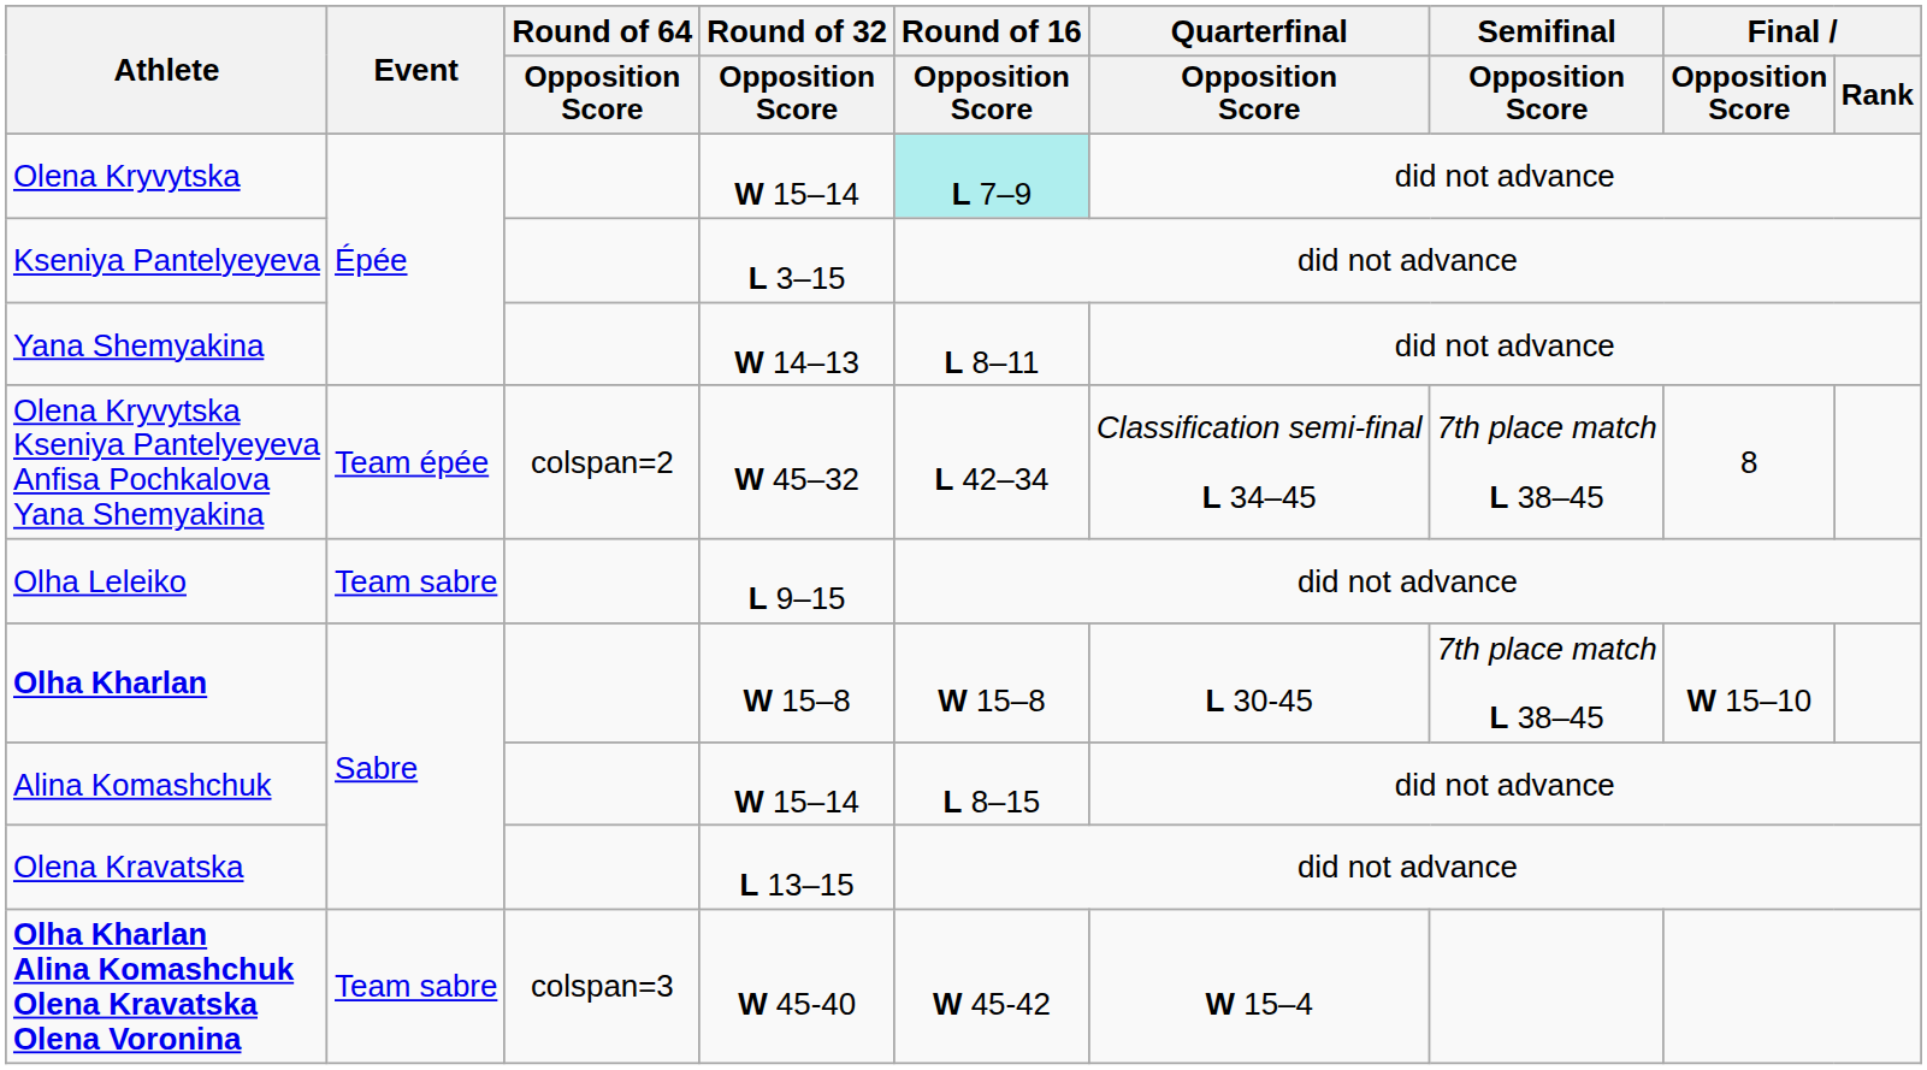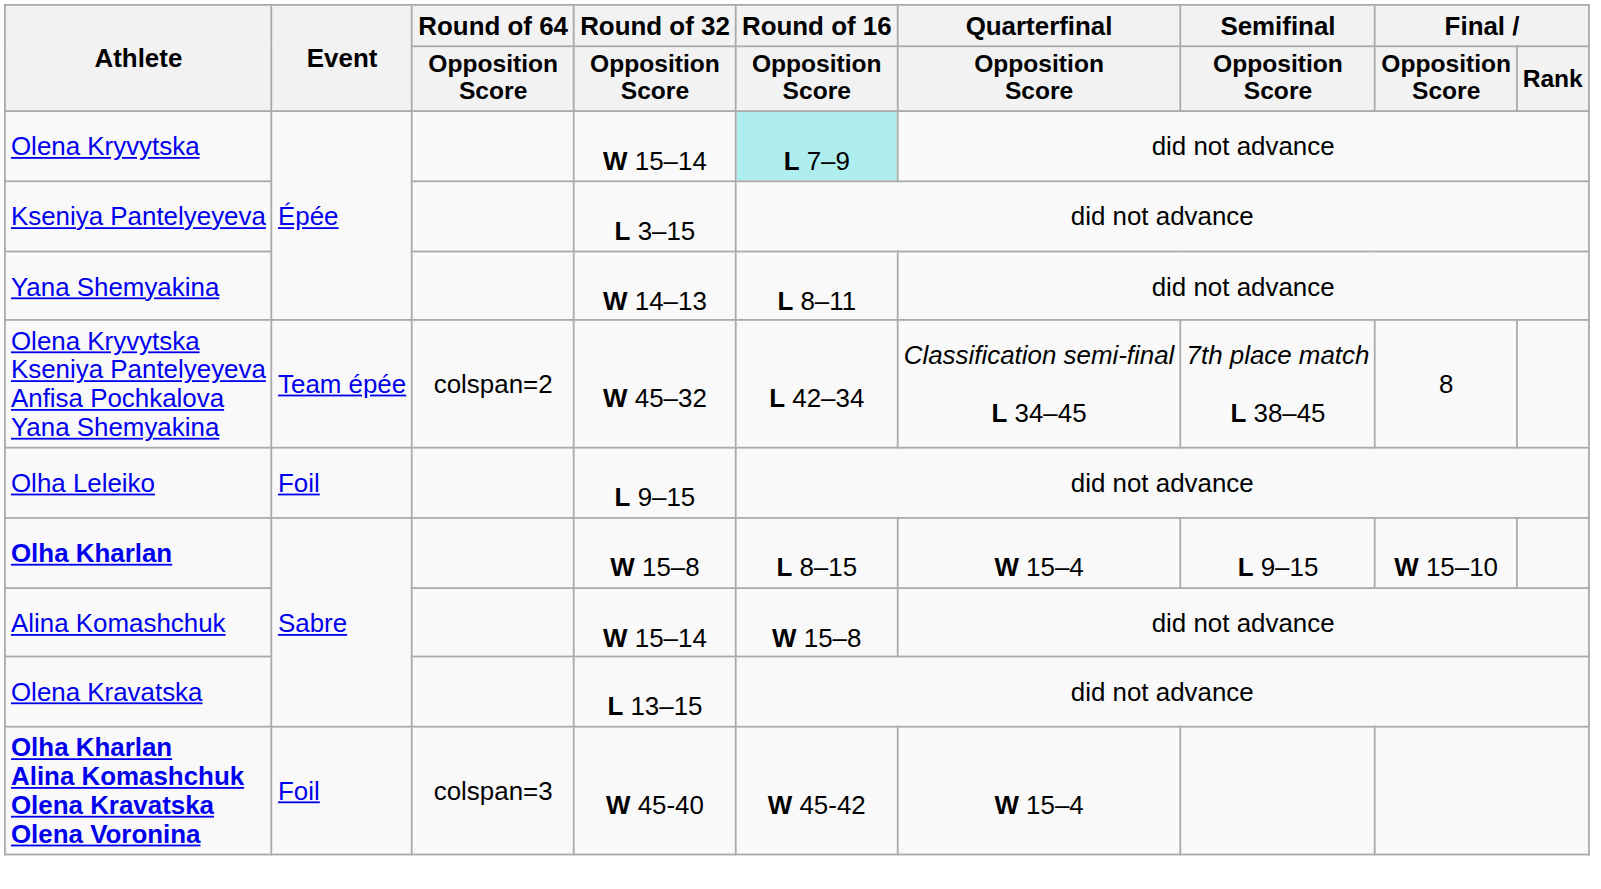 <table class="wikitable" style="font-size:90%">
 <tr>
 <th rowspan=2>Athlete</th>
 <th rowspan=2>Event</th>
 <th>Round of 64</th>
 <th>Round of 32</th>
 <th>Round of 16</th>
 <th>Quarterfinal</th>
 <th>Semifinal</th>
 <th colspan=2>Final / </th>
 </tr>
 <tr style="font-size:95%">
 <th>Opposition<br>Score</th>
 <th>Opposition<br>Score</th>
 <th>Opposition<br>Score</th>
 <th>Opposition<br>Score</th>
 <th>Opposition<br>Score</th>
 <th>Opposition<br>Score</th>
 <th>Rank</th>
 </tr>
 <tr align=center>
 <td align=left><a href='#'>Olena Kryvytska</a></td>
 <td align=left rowspan=3><a href='#'>Épée</a></td>
 <td></td>
 <td><br><strong>W</strong> 15–14</td>
 <td style="background: paleturquoise;"><br><strong>L</strong> 7–9</td>
 <td colspan=4>did not advance</td>
 </tr>
 <tr align=center>
 <td align=left><a href='#'>Kseniya Pantelyeyeva</a></td>
 <td></td>
 <td><br><strong>L</strong> 3–15</td>
 <td colspan=5>did not advance</td>
 </tr>
 <tr align=center>
 <td align=left><a href='#'>Yana Shemyakina</a></td>
 <td></td>
 <td><br><strong>W</strong> 14–13</td>
 <td><br><strong>L</strong> 8–11</td>
 <td colspan=4>did not advance</td>
 </tr>
 <tr align=center>
 <td align=left><a href='#'>Olena Kryvytska</a><br><a href='#'>Kseniya Pantelyeyeva</a><br><a href='#'>Anfisa Pochkalova</a><br><a href='#'>Yana Shemyakina</a></td>
 <td align=left><a href='#'>Team épée</a></td>
 <td>colspan=2 </td>
 <td><br><strong>W</strong> 45–32</td>
 <td><br><strong>L</strong> 42–34</td>
 <td><em>Classification semi-final</em><br><br><strong>L</strong> 34–45</td>
 <td><em>7th place match</em><br><br><strong>L</strong> 38–45</td>
 <td>8</td>
 </tr>
 <tr align=center>
 <td align=left><a href='#'>Olha Leleiko</a></td>
-<td align=left><a href='#'>Team sabre</a></td>
+<td align=left><a href='#'>Foil</a></td>
 <td></td>
 <td><br><strong>L</strong> 9–15</td>
 <td colspan=5>did not advance</td>
 </tr>
 <tr align=center>
 <td align=left><strong><a href='#'>Olha Kharlan</a></strong></td>
 <td align=left rowspan=3><a href='#'>Sabre</a></td>
 <td></td>
 <td><br> <strong>W</strong> 15–8</td>
-<td><br> <strong>W</strong> 15–8</td>
-<td><br><strong>L</strong> 30-45</td>
-<td><em>7th place match</em><br><br><strong>L</strong> 38–45</td>
+<td><br> <strong>L</strong> 8–15</td>
+<td><br> <strong>W</strong> 15–4</td>
+<td><br> <strong>L</strong> 9–15</td>
 <td><br> <strong>W</strong> 15–10</td>
 <td></td>
 </tr>
 <tr align=center>
 <td align=left><a href='#'>Alina Komashchuk</a></td>
 <td></td>
 <td><br> <strong>W</strong> 15–14</td>
-<td><br> <strong>L</strong> 8–15</td>
+<td><br> <strong>W</strong> 15–8</td>
 <td colspan=4>did not advance</td>
 </tr>
 <tr align=center>
 <td align=left><a href='#'>Olena Kravatska</a></td>
 <td></td>
 <td><br><strong>L</strong> 13–15</td>
 <td colspan=5>did not advance</td>
 </tr>
 <tr align=center>
 <td align=left><strong><a href='#'>Olha Kharlan</a></strong><br><strong><a href='#'>Alina Komashchuk</a></strong><br><strong><a href='#'>Olena Kravatska</a></strong><br><strong><a href='#'>Olena Voronina</a></strong></td>
-<td align=left><a href='#'>Team sabre</a></td>
+<td align=left><a href='#'>Foil</a></td>
 <td>colspan=3 </td>
 <td><br><strong>W</strong> 45-40</td>
 <td><br><strong>W</strong> 45-42</td>
 <td><br> <strong>W</strong> 15–4</td>
 <td></td>
 </tr>
 </table>
